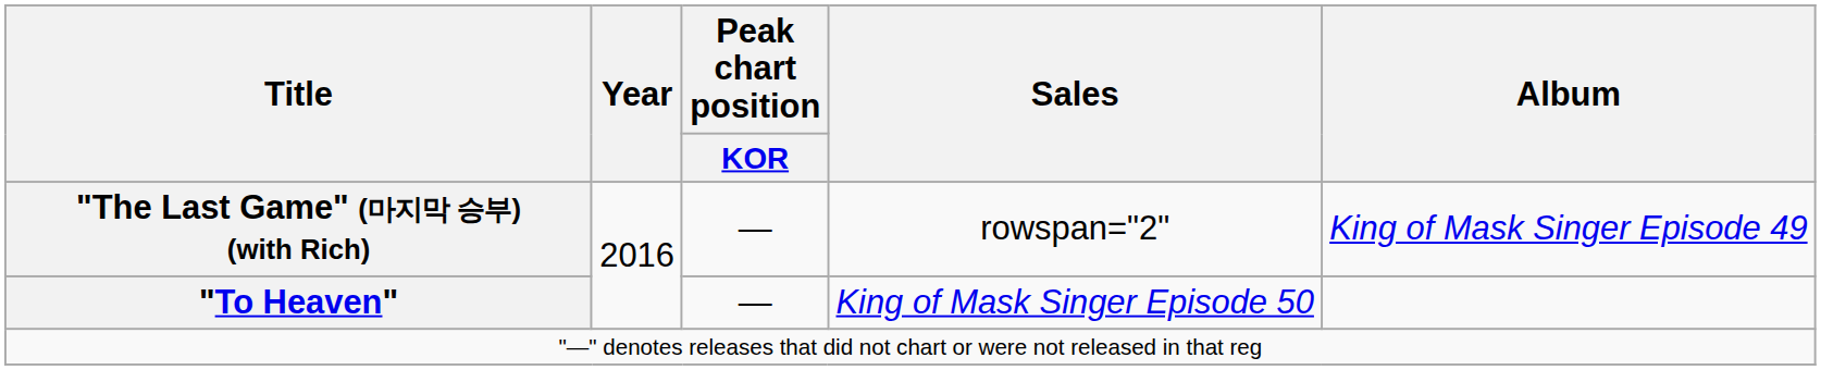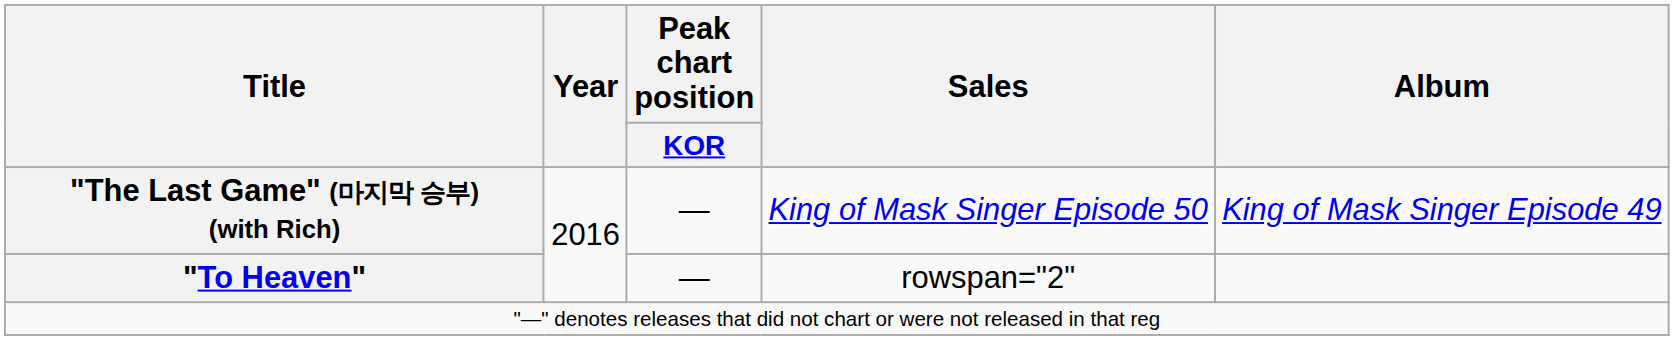 <table class="wikitable plainrowheaders" style="text-align:center;">
 <tr>
 <th scope="col" rowspan="2" style="width:17em;">Title</th>
 <th scope="col" rowspan="2">Year</th>
 <th scope="col" colspan="1">Peak chart position</th>
 <th scope="col" rowspan="2">Sales</th>
 <th scope="col" rowspan="2">Album</th>
 </tr>
 <tr>
 <th scope="col" style="width:3em;font-size:90%;"><a href='#'>KOR</a></th>
 </tr>
 <tr>
 <th scope="row">"The Last Game" <small>(마지막 승부)</small> <br> <small>(with Rich)</small></th>
 <td rowspan="2">2016</td>
 <td>—</td>
-<td>rowspan="2" </td>
+<td><em><a href='#'>King of Mask Singer Episode 50</a></em></td>
 <td><em><a href='#'>King of Mask Singer Episode 49</a></em></td>
 </tr>
 <tr>
 <th scope="row">"<a href='#'>To Heaven</a>"</th>
 <td>—</td>
-<td><em><a href='#'>King of Mask Singer Episode 50</a></em></td>
+<td>rowspan="2" </td>
 </tr>
 <tr>
 <td colspan="6" style="text-align:center; font-size:8pt;">"—" denotes releases that did not chart or were not released in that reg</td>
 </tr>
 </table>
